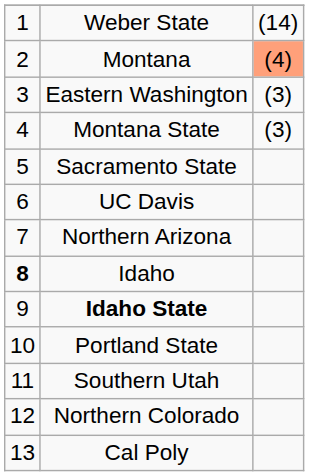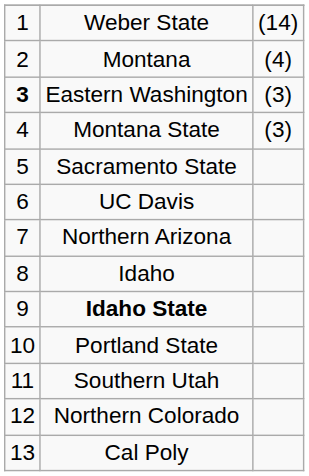 <table class="wikitable" style="display: inline-table;">
 <tr align="center">
 </tr>
 <tr align="center">
 <td>1</td>
 <td>Weber State</td>
 <td>(14)</td>
 </tr>
 <tr align="center">
 <td>2</td>
 <td>Montana</td>
-<td style="background: lightsalmon;">(4)</td>
+<td>(4)</td>
 </tr>
 <tr align="center">
-<td>3</td>
+<td><strong>3</strong></td>
 <td>Eastern Washington</td>
 <td>(3)</td>
 </tr>
 <tr align="center">
 <td>4</td>
 <td>Montana State</td>
 <td>(3)</td>
 </tr>
 <tr align="center">
 <td>5</td>
 <td>Sacramento State</td>
 <td></td>
 </tr>
 <tr align="center">
 <td>6</td>
 <td>UC Davis</td>
 <td></td>
 </tr>
 <tr align="center">
 <td>7</td>
 <td>Northern Arizona</td>
 <td></td>
 </tr>
 <tr align="center">
-<td><strong>8</strong></td>
+<td>8</td>
 <td>Idaho</td>
 <td></td>
 </tr>
 <tr align="center">
 <td>9</td>
 <td><strong>Idaho State</strong></td>
 <td></td>
 </tr>
 <tr align="center">
 <td>10</td>
 <td>Portland State</td>
 <td></td>
 </tr>
 <tr align="center">
 <td>11</td>
 <td>Southern Utah</td>
 <td></td>
 </tr>
 <tr align="center">
 <td>12</td>
 <td>Northern Colorado</td>
 <td></td>
 </tr>
 <tr align="center">
 <td>13</td>
 <td>Cal Poly</td>
 <td></td>
 </tr>
 </table>
